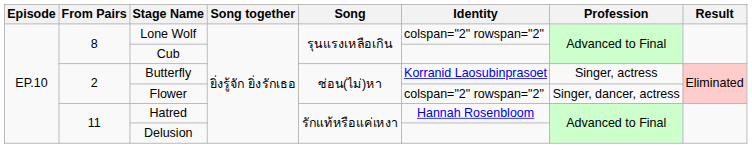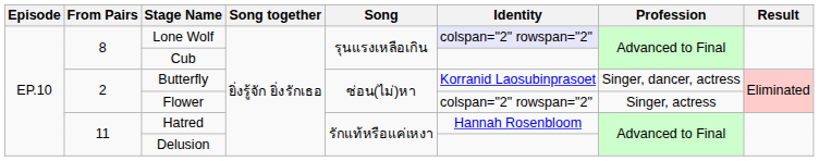 <table class="wikitable">
 <tr>
 <th>Episode</th>
 <th>From Pairs</th>
 <th>Stage Name</th>
 <th>Song together</th>
 <th>Song</th>
 <th>Identity</th>
 <th>Profession</th>
 <th>Result</th>
 </tr>
 <tr>
 <td rowspan="6" style="text-align:center;">EP.10</td>
 <td rowspan="2" style="text-align:center;">8</td>
 <td style="text-align:center;">Lone Wolf</td>
 <td rowspan="6" style="text-align:center;">ยิ่งรู้จัก ยิ่งรักเธอ</td>
 <td rowspan="2" style="text-align:center;">รุนแรงเหลือเกิน</td>
-<td>colspan="2" rowspan="2" </td>
+<td style="background: lavender;">colspan="2" rowspan="2" </td>
 <td rowspan="2" style="text-align:center; background:#ccffcc;">Advanced to Final</td>
 </tr>
 <tr>
 <td style="text-align:center;">Cub</td>
 </tr>
 <tr>
 <td rowspan="2" style="text-align:center;">2</td>
 <td style="text-align:center;">Butterfly</td>
 <td rowspan="2" style="text-align:center;">ซ่อน(ไม่)หา</td>
 <td style="text-align:center;"><a href='#'>Korranid Laosubinprasoet</a></td>
-<td style="text-align:center;">Singer, actress</td>
+<td style="text-align:center;">Singer, dancer, actress</td>
 <td rowspan="2" style="text-align:center; background:#ffcccc;">Eliminated</td>
 </tr>
 <tr>
 <td style="text-align:center;">Flower</td>
 <td>colspan="2" rowspan="2" </td>
-<td style="text-align:center;">Singer, dancer, actress</td>
+<td style="text-align:center;">Singer, actress</td>
 </tr>
 <tr>
 <td rowspan="2" style="text-align:center;">11</td>
 <td style="text-align:center;">Hatred</td>
 <td rowspan="2" style="text-align:center;">รักแท้หรือแค่เหงา</td>
 <td style="text-align:center;"><a href='#'>Hannah Rosenbloom</a></td>
 <td rowspan="2" style="text-align:center; background:#ccffcc;">Advanced to Final</td>
 </tr>
 <tr>
 <td style="text-align:center;">Delusion</td>
 </tr>
 </table>
